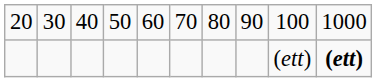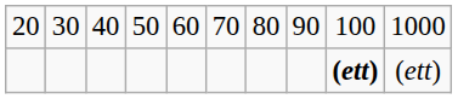 <table class="wikitable" style="padding: 0.5em">
 <tr align="center">
 <td>20</td>
 <td>30</td>
 <td>40</td>
 <td>50</td>
 <td>60</td>
 <td>70</td>
 <td>80</td>
 <td>90</td>
 <td>100</td>
 <td>1000</td>
 </tr>
 <tr align="center">
 <td></td>
 <td></td>
 <td></td>
 <td></td>
 <td></td>
 <td></td>
 <td></td>
 <td></td>
+<td><strong>(<em>ett</em>) </strong></td>
 <td>(<em>ett</em>) </td>
-<td><strong>(<em>ett</em>) </strong></td>
 </tr>
 </table>
